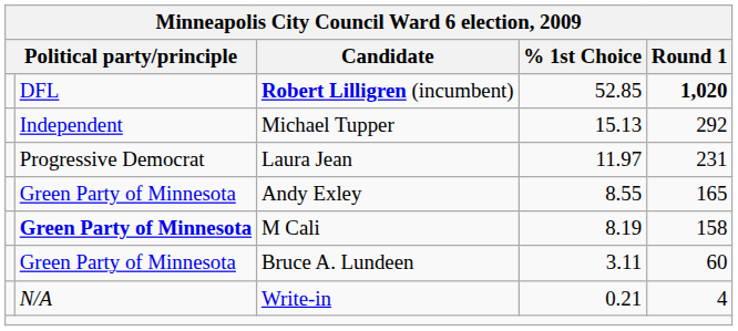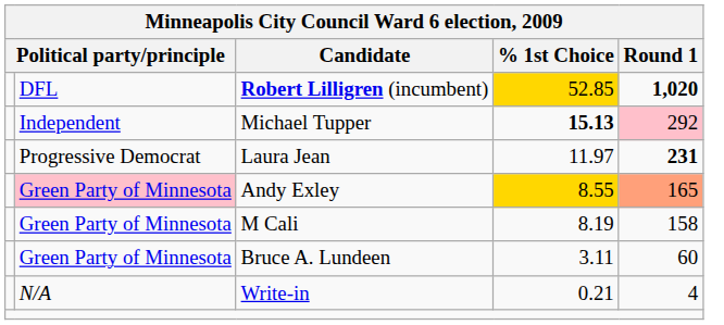 <table class="wikitable" style="font-size:95%">
 <tr>
 <th colspan="5">Minneapolis City Council Ward 6 election, 2009</th>
 </tr>
 <tr>
 <th colspan="2">Political party/principle</th>
 <th>Candidate</th>
 <th>% 1st Choice</th>
 <th>Round 1</th>
 </tr>
 <tr>
 <td style="background-color:"></td>
 <td><a href='#'>DFL</a></td>
 <td><strong><a href='#'>Robert Lilligren</a></strong> (incumbent)</td>
-<td align="right">52.85</td>
+<td align="right" style="background: gold;">52.85</td>
 <td align="right"><strong>1,020</strong></td>
 </tr>
 <tr>
 <td style="background-color:"></td>
 <td><a href='#'>Independent</a></td>
 <td>Michael Tupper</td>
-<td align="right">15.13</td>
-<td align="right">292</td>
+<td align="right"><strong>15.13</strong></td>
+<td align="right" style="background: pink;">292</td>
 </tr>
 <tr>
 <td style="background-color:"></td>
 <td>Progressive Democrat</td>
 <td>Laura Jean</td>
 <td align="right">11.97</td>
-<td align="right">231</td>
+<td align="right"><strong>231</strong></td>
+</tr>
+<tr>
+<td style="background-color:"></td>
+<td style="background: pink;"><a href='#'>Green Party of Minnesota</a></td>
+<td>Andy Exley</td>
+<td align="right" style="background: gold;">8.55</td>
+<td align="right" style="background: lightsalmon;">165</td>
 </tr>
 <tr>
 <td style="background-color:"></td>
 <td><a href='#'>Green Party of Minnesota</a></td>
-<td>Andy Exley</td>
-<td align="right">8.55</td>
-<td align="right">165</td>
-</tr>
-<tr>
-<td style="background-color:"></td>
-<td><strong><a href='#'>Green Party of Minnesota</a></strong></td>
 <td>M Cali</td>
 <td align="right">8.19</td>
 <td align="right">158</td>
 </tr>
 <tr>
 <td style="background-color:"></td>
 <td><a href='#'>Green Party of Minnesota</a></td>
 <td>Bruce A. Lundeen</td>
 <td align="right">3.11</td>
 <td align="right">60</td>
 </tr>
 <tr>
 <td style="background-color:"></td>
 <td><em>N/A</em></td>
 <td><a href='#'>Write-in</a></td>
 <td align="right">0.21</td>
 <td align="right">4</td>
 </tr>
 <tr>
 <td colspan="5"></td>
 </tr>
 </table>
